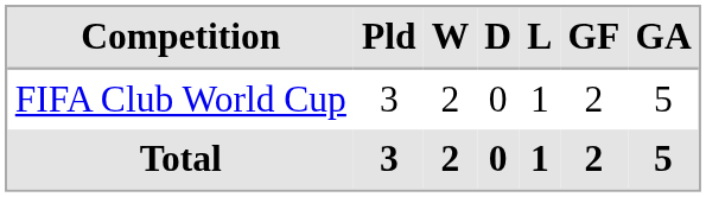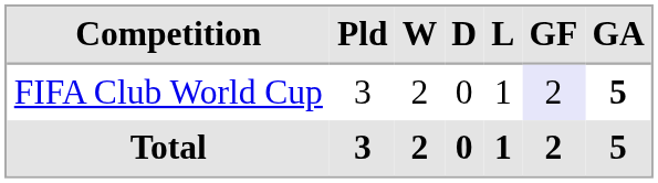 <table align=left cellspacing="0" cellpadding="3" style="border:1px solid #AAAAAA;font-size:90%">
 <tr bgcolor="#E4E4E4">
 <th style="border-bottom:1px solid #AAAAAA">Competition</th>
 <th style="border-bottom:1px solid #AAAAAA" align="center">Pld</th>
 <th style="border-bottom:1px solid #AAAAAA" align="center">W</th>
 <th style="border-bottom:1px solid #AAAAAA" align="center">D</th>
 <th style="border-bottom:1px solid #AAAAAA" align="center">L</th>
 <th style="border-bottom:1px solid #AAAAAA" align="center">GF</th>
 <th style="border-bottom:1px solid #AAAAAA" align="center">GA</th>
 </tr>
 <tr>
 <td><a href='#'>FIFA Club World Cup</a></td>
 <td align="center">3</td>
 <td align="center">2</td>
 <td align="center">0</td>
 <td align="center">1</td>
-<td align="center">2</td>
-<td align="center">5</td>
+<td align="center" style="background: lavender;">2</td>
+<td align="center"><strong>5</strong></td>
 </tr>
 <tr>
 </tr>
 <tr style="background:#E4E4E4;">
 <th ! colspan="1"  align="centre">Total</th>
 <th>3</th>
 <th>2</th>
 <th>0</th>
 <th>1</th>
 <th>2</th>
 <th>5</th>
 </tr>
 <tr>
 </tr>
 </table>
